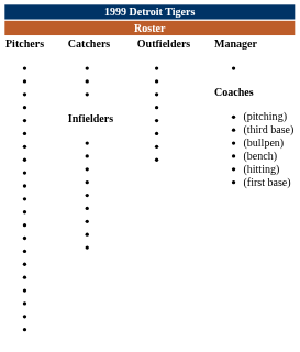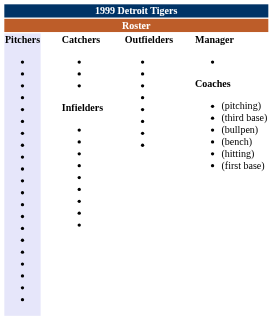 <table class="toccolours" style="font-size: 95%;">
 <tr>
 <th colspan="10" style="background-color: #003366; color: white; text-align: center;">1999 Detroit Tigers</th>
 </tr>
 <tr>
 <td colspan="10" style="background-color: #bd5d29; color: white; text-align: center;"><strong>Roster</strong></td>
 </tr>
 <tr>
-<td valign="top"><strong>Pitchers</strong><br><ul><li></li><li></li><li></li><li></li><li></li><li></li><li></li><li></li><li></li><li></li><li></li><li></li><li></li><li></li><li></li><li></li><li></li><li></li><li></li><li></li><li></li></ul></td>
+<td valign="top" style="background: lavender;"><strong>Pitchers</strong><br><ul><li></li><li></li><li></li><li></li><li></li><li></li><li></li><li></li><li></li><li></li><li></li><li></li><li></li><li></li><li></li><li></li><li></li><li></li><li></li><li></li><li></li></ul></td>
 <td width="25px"></td>
 <td valign="top"><strong>Catchers</strong><br><ul><li></li><li></li><li></li></ul><strong>Infielders</strong><ul><li></li><li></li><li></li><li></li><li></li><li></li><li></li><li></li><li></li></ul></td>
 <td width="25px"></td>
 <td valign="top"><strong>Outfielders</strong><br><ul><li></li><li></li><li></li><li></li><li></li><li></li><li></li><li></li></ul></td>
 <td width="25px"></td>
 <td valign="top"><strong>Manager</strong><br><ul><li></li></ul><strong>Coaches</strong><ul><li> (pitching)</li><li> (third base)</li><li> (bullpen)</li><li> (bench)</li><li> (hitting)</li><li> (first base)</li></ul></td>
 </tr>
 <tr>
 </tr>
 </table>
